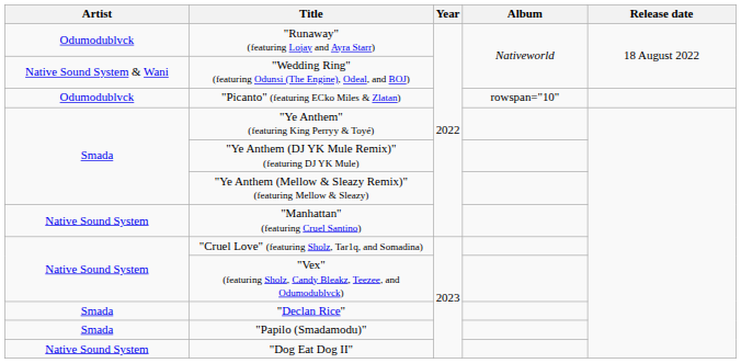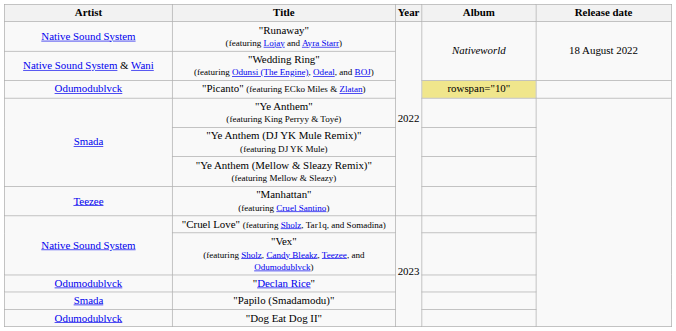 <table class="wikitable plainrowheaders" style="text-align:center;" border="1">
 <tr>
 <th style="width:15em;">Artist</th>
 <th style="width:20em;">Title</th>
 <th style="width:2em;">Year</th>
 <th style="width:10em;">Album</th>
 <th style="width:12em;">Release date</th>
 </tr>
 <tr>
-<td><a href='#'>Odumodublvck</a></td>
+<td><a href='#'>Native Sound System</a></td>
 <td>"Runaway"<br><small>(featuring <a href='#'>Lojay</a> and <a href='#'>Ayra Starr</a>)</small></td>
 <td rowspan="7">2022</td>
 <td rowspan="2"><em>Nativeworld</em></td>
 <td rowspan="2">18 August 2022</td>
 </tr>
 <tr>
 <td><a href='#'>Native Sound System</a> & <a href='#'>Wani</a></td>
 <td>"Wedding Ring"<br><small>(featuring <a href='#'>Odunsi (The Engine)</a>, <a href='#'>Odeal</a>, and <a href='#'>BOJ</a>)</small></td>
 </tr>
 <tr>
 <td><a href='#'>Odumodublvck</a></td>
 <td>"Picanto" <small>(featuring ECko Miles & <a href='#'>Zlatan</a>)</small></td>
-<td>rowspan="10" </td>
+<td style="background: khaki;">rowspan="10" </td>
 <td></td>
 </tr>
 <tr>
 <td rowspan="3"><a href='#'>Smada</a></td>
 <td>"Ye Anthem" <br><small>(featuring King Perryy & Toyé)</small></td>
 <td></td>
 </tr>
 <tr>
 <td>"Ye Anthem (DJ YK Mule Remix)" <br><small>(featuring DJ YK Mule)</small></td>
 <td></td>
 </tr>
 <tr>
 <td>"Ye Anthem (Mellow & Sleazy Remix)" <br><small>(featuring Mellow & Sleazy)</small></td>
 <td></td>
 </tr>
 <tr>
-<td><a href='#'>Native Sound System</a></td>
+<td><a href='#'>Teezee</a></td>
 <td>"Manhattan" <br><small>(featuring <a href='#'>Cruel Santino</a>)</small></td>
 <td></td>
 </tr>
 <tr>
 <td rowspan="2"><a href='#'>Native Sound System</a></td>
 <td>"Cruel Love" <small>(featuring <a href='#'>Sholz</a>, Tar1q, and Somadina)</small></td>
 <td rowspan="5">2023</td>
 <td></td>
 </tr>
 <tr>
 <td>"Vex" <br><small>(featuring <a href='#'>Sholz</a>, <a href='#'>Candy Bleakz</a>, <a href='#'>Teezee</a>, and <a href='#'>Odumodublvck</a>)</small></td>
 <td></td>
 </tr>
 <tr>
-<td><a href='#'>Smada</a></td>
+<td><a href='#'>Odumodublvck</a></td>
 <td>"<a href='#'>Declan Rice</a>"</td>
 <td></td>
 </tr>
 <tr>
 <td><a href='#'>Smada</a></td>
 <td>"Papilo (Smadamodu)" <br></td>
 <td></td>
 </tr>
 <tr>
-<td><a href='#'>Native Sound System</a></td>
+<td><a href='#'>Odumodublvck</a></td>
 <td>"Dog Eat Dog II" <br></td>
 <td></td>
 </tr>
 </table>
